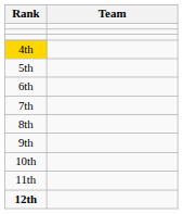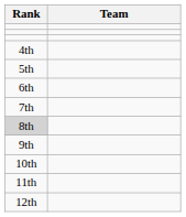 <table class="wikitable" style="text-align: center">
 <tr>
 <th width=50>Rank</th>
 <th width=170>Team</th>
 </tr>
 <tr>
 <td></td>
 <td align=left></td>
 </tr>
 <tr>
 <td></td>
 <td align=left></td>
 </tr>
 <tr>
 <td></td>
 <td align=left></td>
 </tr>
 <tr>
-<td style="background: gold;">4th</td>
+<td>4th</td>
 <td align=left></td>
 </tr>
 <tr>
 <td>5th</td>
 <td align=left></td>
 </tr>
 <tr>
 <td>6th</td>
 <td align=left></td>
 </tr>
 <tr>
 <td>7th</td>
 <td align=left></td>
 </tr>
 <tr>
-<td>8th</td>
+<td style="background: lightgrey;">8th</td>
 <td align=left></td>
 </tr>
 <tr>
 <td>9th</td>
 <td align=left></td>
 </tr>
 <tr>
 <td>10th</td>
 <td align=left></td>
 </tr>
 <tr>
 <td>11th</td>
 <td align=left></td>
 </tr>
 <tr>
-<td><strong>12th</strong></td>
+<td>12th</td>
 <td align=left></td>
 </tr>
 </table>
